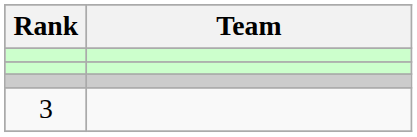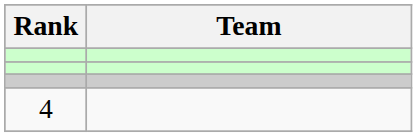 <table class=wikitable style="text-align:center;">
 <tr>
 <th width=40>Rank</th>
 <th width=180>Team</th>
 </tr>
 <tr bgcolor=#ccffcc>
 <td></td>
 <td align=left></td>
 </tr>
 <tr bgcolor=#ccffcc>
 <td></td>
 <td align=left></td>
 </tr>
 <tr bgcolor=#cccccc>
 <td></td>
 <td align=left></td>
 </tr>
 <tr>
-<td>3</td>
+<td>4</td>
 <td align=left></td>
 </tr>
 </table>
